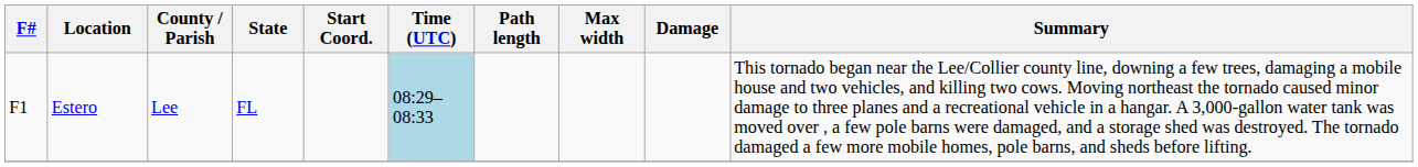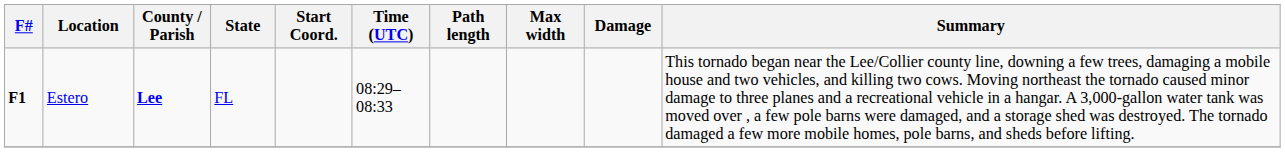 <table class="wikitable sortable" style="width:100%;">
 <tr>
 <th scope="col"  style="width:3%; text-align:center;"><a href='#'>F#</a></th>
 <th scope="col"  style="width:7%; text-align:center;" class="unsortable">Location</th>
 <th scope="col"  style="width:6%; text-align:center;" class="unsortable">County / Parish</th>
 <th scope="col"  style="width:5%; text-align:center;">State</th>
 <th scope="col"  style="width:6%; text-align:center;">Start Coord.</th>
 <th scope="col"  style="width:6%; text-align:center;">Time (<a href='#'>UTC</a>)</th>
 <th scope="col"  style="width:6%; text-align:center;">Path length</th>
 <th scope="col"  style="width:6%; text-align:center;">Max width</th>
 <th scope="col"  style="width:6%; text-align:center;">Damage</th>
 <th scope="col" class="unsortable" style="width:48%; text-align:center;">Summary</th>
 </tr>
 <tr>
-<td>F1</td>
+<td><strong>F1</strong></td>
 <td><a href='#'>Estero</a></td>
-<td><a href='#'>Lee</a></td>
+<td><strong><a href='#'>Lee</a></strong></td>
 <td><a href='#'>FL</a></td>
 <td></td>
-<td style="background: lightblue;">08:29–08:33</td>
+<td>08:29–08:33</td>
 <td></td>
 <td></td>
 <td></td>
 <td>This tornado began near the Lee/Collier county line, downing a few trees, damaging a mobile house and two vehicles, and killing two cows. Moving northeast the tornado caused minor damage to three planes and a recreational vehicle in a hangar. A 3,000-gallon water tank was moved over , a few pole barns were damaged, and a storage shed was destroyed. The tornado damaged a few more mobile homes, pole barns, and sheds before lifting.</td>
 </tr>
 <tr>
 </tr>
 </table>
